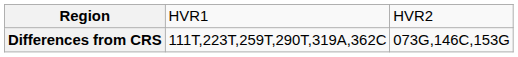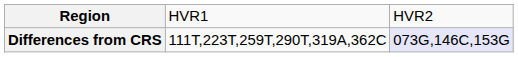 <table class="wikitable">
 <tr>
 <th>Region</th>
 <td>HVR1</td>
 <td>HVR2</td>
 </tr>
 <tr>
 <th>Differences from CRS</th>
 <td>111T,223T,259T,290T,319A,362C</td>
-<td>073G,146C,153G</td>
+<td style="background: lavender;">073G,146C,153G</td>
 </tr>
 </table>
